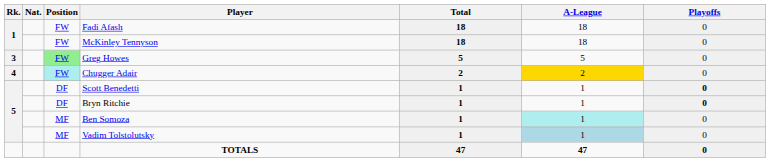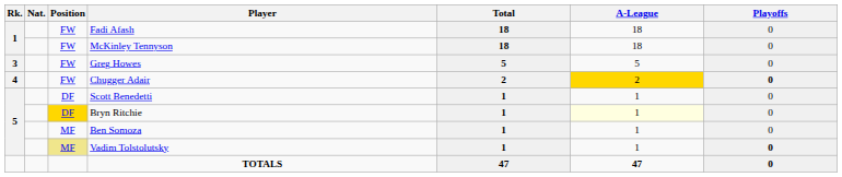 <table class="wikitable" style="font-size:95%; text-align:center;">
 <tr>
 <th width="1%">Rk.</th>
 <th width="1%">Nat.</th>
 <th width="1%">Position</th>
 <th width="42%">Player</th>
 <th width=80>Total</th>
 <th width=80><a href='#'>A-League</a></th>
 <th width=80><a href='#'>Playoffs</a></th>
 </tr>
 <tr>
 <th rowspan="2"><strong>1</strong></th>
 <td></td>
 <td><a href='#'>FW</a></td>
 <td style="text-align: left;"><a href='#'>Fadi Afash</a></td>
 <td style="background: #F0F0F0;"><strong>18</strong></td>
 <td>18</td>
 <td style="background: #F0F0F0;">0</td>
 </tr>
 <tr>
 <td></td>
 <td><a href='#'>FW</a></td>
 <td style="text-align: left;"><a href='#'>McKinley Tennyson</a></td>
 <td style="background: #F0F0F0;"><strong>18</strong></td>
 <td>18</td>
 <td style="background: #F0F0F0;">0</td>
 </tr>
 <tr>
 <th rowspan="1"><strong>3</strong></th>
 <td></td>
-<td style="background: lightgreen;"><a href='#'>FW</a></td>
+<td><a href='#'>FW</a></td>
 <td style="text-align: left;"><a href='#'>Greg Howes</a></td>
 <td style="background: #F0F0F0;"><strong>5</strong></td>
 <td>5</td>
 <td style="background: #F0F0F0;">0</td>
 </tr>
 <tr>
 <th rowspan="1"><strong>4</strong></th>
 <td></td>
-<td style="background: paleturquoise;"><a href='#'>FW</a></td>
+<td><a href='#'>FW</a></td>
 <td style="text-align: left;"><a href='#'>Chugger Adair</a></td>
 <td style="background: #F0F0F0;"><strong>2</strong></td>
 <td style="background: gold;">2</td>
-<td style="background: #F0F0F0;">0</td>
+<td style="background: #F0F0F0;"><strong>0</strong></td>
 </tr>
 <tr>
 <th rowspan="4"><strong>5</strong></th>
 <td></td>
 <td><a href='#'>DF</a></td>
 <td style="text-align: left;"><a href='#'>Scott Benedetti</a></td>
 <td style="background: #F0F0F0;"><strong>1</strong></td>
 <td>1</td>
-<td style="background: #F0F0F0;"><strong>0</strong></td>
+<td style="background: #F0F0F0;">0</td>
 </tr>
 <tr>
 <td></td>
-<td><a href='#'>DF</a></td>
+<td style="background: gold;"><a href='#'>DF</a></td>
 <td style="text-align: left;">Bryn Ritchie</td>
 <td style="background: #F0F0F0;"><strong>1</strong></td>
-<td>1</td>
-<td style="background: #F0F0F0;"><strong>0</strong></td>
+<td style="background: lightyellow;">1</td>
+<td style="background: #F0F0F0;">0</td>
 </tr>
 <tr>
 <td></td>
 <td><a href='#'>MF</a></td>
 <td style="text-align: left;"><a href='#'>Ben Somoza</a></td>
 <td style="background: #F0F0F0;"><strong>1</strong></td>
-<td style="background: paleturquoise;">1</td>
+<td>1</td>
 <td style="background: #F0F0F0;">0</td>
 </tr>
 <tr>
 <td></td>
-<td><a href='#'>MF</a></td>
+<td style="background: khaki;"><a href='#'>MF</a></td>
 <td style="text-align: left;"><a href='#'>Vadim Tolstolutsky</a></td>
 <td style="background: #F0F0F0;"><strong>1</strong></td>
-<td style="background: lightblue;">1</td>
-<td style="background: #F0F0F0;">0</td>
+<td>1</td>
+<td style="background: #F0F0F0;"><strong>0</strong></td>
 </tr>
 <tr>
 <td></td>
 <td></td>
 <td></td>
 <td><strong>TOTALS</strong></td>
 <td style="background: #F0F0F0;"><strong>47</strong></td>
 <td><strong>47</strong></td>
 <td style="background: #F0F0F0;"><strong>0</strong></td>
 </tr>
 </table>
